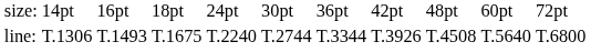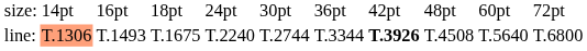 <table style="margin-left:40px;">
 <tr>
 <td>size:</td>
 <td>14pt</td>
 <td>16pt</td>
 <td>18pt</td>
 <td>24pt</td>
 <td>30pt</td>
 <td>36pt</td>
 <td>42pt</td>
 <td>48pt</td>
 <td>60pt</td>
 <td>72pt</td>
 </tr>
 <tr>
 <td>line:</td>
-<td>T.1306</td>
+<td style="background: lightsalmon;">T.1306</td>
 <td>T.1493</td>
 <td>T.1675</td>
 <td>T.2240</td>
 <td>T.2744</td>
 <td>T.3344</td>
-<td>T.3926</td>
+<td><strong>T.3926</strong></td>
 <td>T.4508</td>
 <td>T.5640</td>
 <td>T.6800</td>
 </tr>
 </table>
